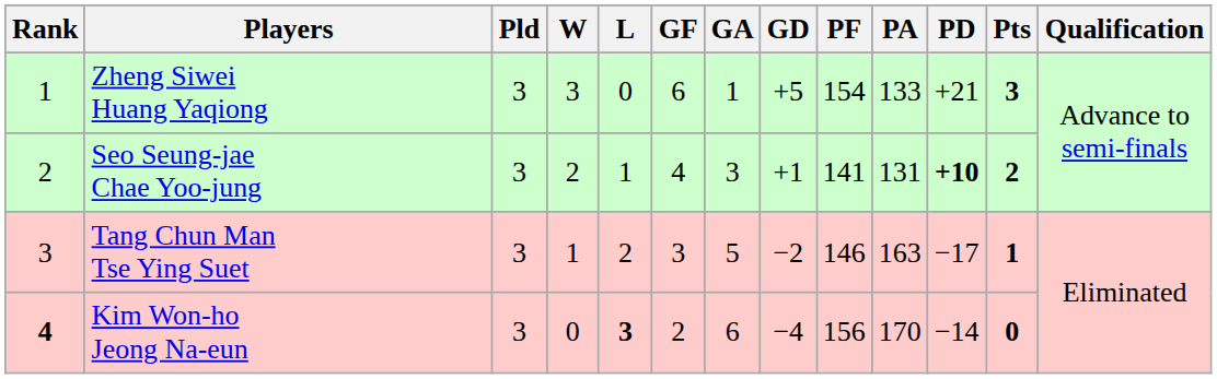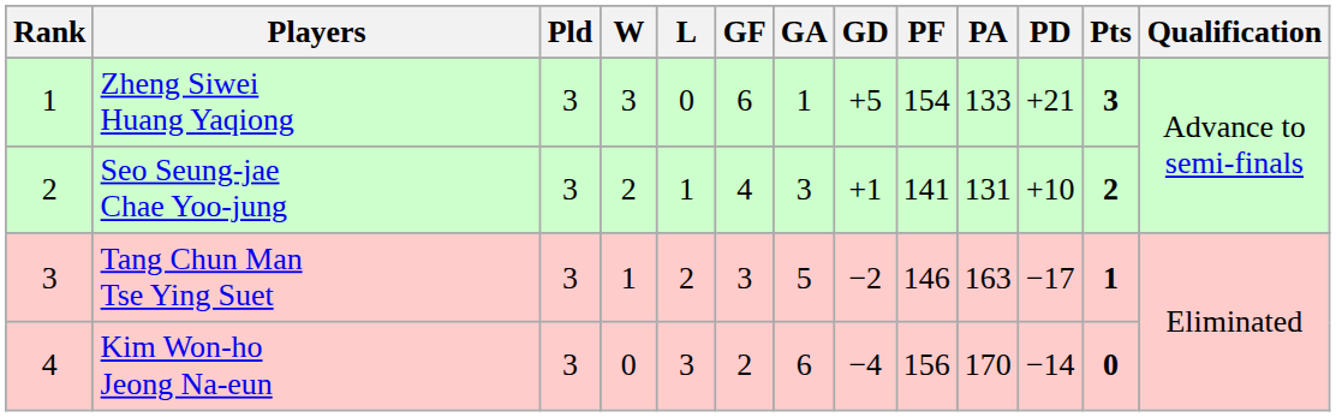 <table class="wikitable" style="font-size:90%; text-align:center">
 <tr>
 <th width="20">Rank</th>
 <th width="200">Players</th>
 <th width="20">Pld</th>
 <th width="20">W</th>
 <th width="20">L</th>
 <th width="20">GF</th>
 <th width="20">GA</th>
 <th width="20">GD</th>
 <th width="20">PF</th>
 <th width="20">PA</th>
 <th width="20">PD</th>
 <th width="20">Pts</th>
 <th width="20">Qualification</th>
 </tr>
 <tr bgcolor="#ccffcc">
 <td>1</td>
 <td align="left"> <a href='#'>Zheng Siwei</a><br> <a href='#'>Huang Yaqiong</a></td>
 <td>3</td>
 <td>3</td>
 <td>0</td>
 <td>6</td>
 <td>1</td>
 <td>+5</td>
 <td>154</td>
 <td>133</td>
 <td>+21</td>
 <td><strong>3</strong></td>
 <td rowspan="2">Advance to <a href='#'>semi-finals</a></td>
 </tr>
 <tr bgcolor="#ccffcc">
 <td>2</td>
 <td align="left"> <a href='#'>Seo Seung-jae</a><br> <a href='#'>Chae Yoo-jung</a></td>
 <td>3</td>
 <td>2</td>
 <td>1</td>
 <td>4</td>
 <td>3</td>
 <td>+1</td>
 <td>141</td>
 <td>131</td>
-<td><strong>+10</strong></td>
+<td>+10</td>
 <td><strong>2</strong></td>
 </tr>
 <tr bgcolor="#ffcccc">
 <td>3</td>
 <td align="left"> <a href='#'>Tang Chun Man</a><br> <a href='#'>Tse Ying Suet</a></td>
 <td>3</td>
 <td>1</td>
 <td>2</td>
 <td>3</td>
 <td>5</td>
 <td>−2</td>
 <td>146</td>
 <td>163</td>
 <td>−17</td>
 <td><strong>1</strong></td>
 <td rowspan="2">Eliminated</td>
 </tr>
 <tr bgcolor="#ffcccc">
-<td><strong>4</strong></td>
+<td>4</td>
 <td align="left"> <a href='#'>Kim Won-ho</a><br> <a href='#'>Jeong Na-eun</a></td>
 <td>3</td>
 <td>0</td>
-<td><strong>3</strong></td>
+<td>3</td>
 <td>2</td>
 <td>6</td>
 <td>−4</td>
 <td>156</td>
 <td>170</td>
 <td>−14</td>
 <td><strong>0</strong></td>
 </tr>
 </table>
